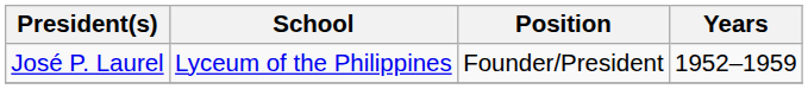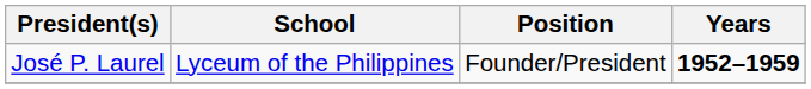 <table class="wikitable">
 <tr>
 <th>President(s)</th>
 <th>School</th>
 <th>Position</th>
 <th>Years</th>
 </tr>
 <tr>
 <td nowrap><a href='#'>José P. Laurel</a></td>
 <td><a href='#'>Lyceum of the Philippines</a></td>
 <td>Founder/President</td>
-<td>1952–1959</td>
+<td><strong>1952–1959</strong></td>
 </tr>
 <tr>
 </tr>
 </table>
